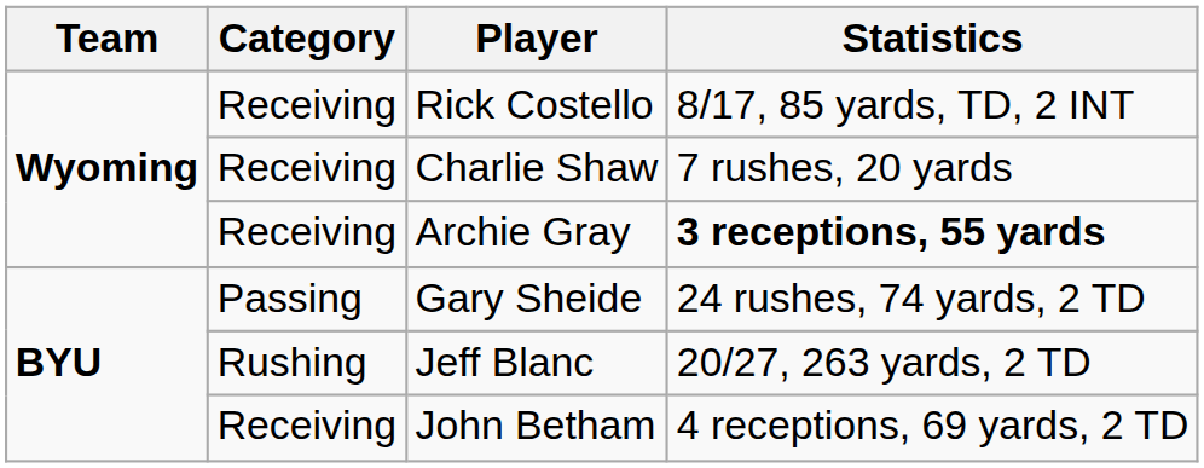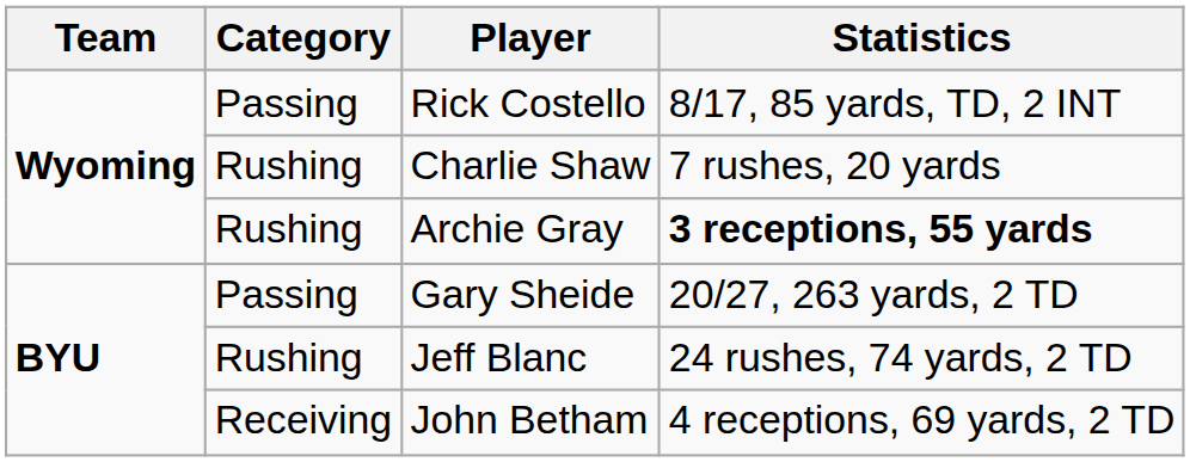 <table class="wikitable" style="float: left;">
 <tr>
 <th>Team</th>
 <th>Category</th>
 <th>Player</th>
 <th>Statistics</th>
 </tr>
 <tr>
 <td rowspan=3><strong>Wyoming</strong></td>
-<td>Receiving</td>
+<td>Passing</td>
 <td>Rick Costello</td>
 <td>8/17, 85 yards, TD, 2 INT</td>
 </tr>
 <tr>
-<td>Receiving</td>
+<td>Rushing</td>
 <td>Charlie Shaw</td>
 <td>7 rushes, 20 yards</td>
 </tr>
 <tr>
-<td>Receiving</td>
+<td>Rushing</td>
 <td>Archie Gray</td>
 <td><strong>3 receptions, 55 yards</strong></td>
 </tr>
 <tr>
 <td rowspan=3><strong>BYU</strong></td>
 <td>Passing</td>
 <td>Gary Sheide</td>
-<td>24 rushes, 74 yards, 2 TD</td>
+<td>20/27, 263 yards, 2 TD</td>
 </tr>
 <tr>
 <td>Rushing</td>
 <td>Jeff Blanc</td>
-<td>20/27, 263 yards, 2 TD</td>
+<td>24 rushes, 74 yards, 2 TD</td>
 </tr>
 <tr>
 <td>Receiving</td>
 <td>John Betham</td>
 <td>4 receptions, 69 yards, 2 TD</td>
 </tr>
 </table>
